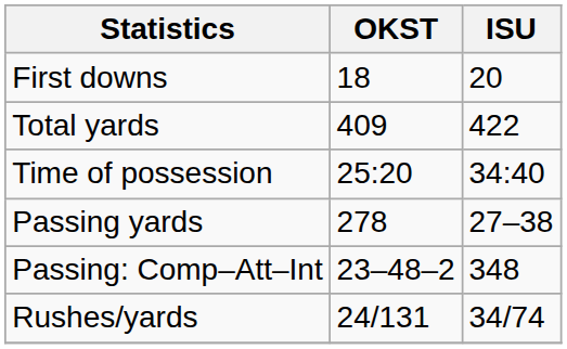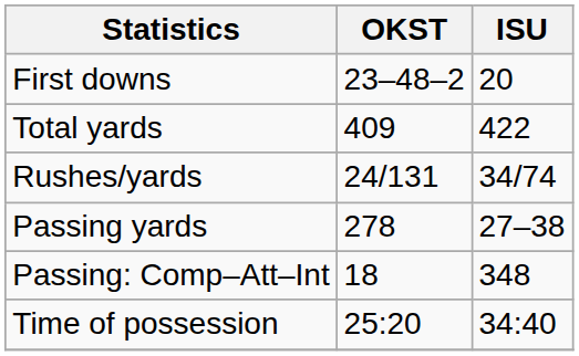 <table class="wikitable" style="float: left;">
 <tr>
 <th>Statistics</th>
 <th>OKST</th>
 <th>ISU</th>
 </tr>
 <tr>
 <td>First downs</td>
-<td>18</td>
+<td>23–48–2</td>
 <td>20</td>
 </tr>
 <tr>
 <td>Total yards</td>
 <td>409</td>
 <td>422</td>
 </tr>
 <tr>
-<td>Time of possession</td>
-<td>25:20</td>
-<td>34:40</td>
+<td>Rushes/yards</td>
+<td>24/131</td>
+<td>34/74</td>
 </tr>
 <tr>
 <td>Passing yards</td>
 <td>278</td>
 <td>27–38</td>
 </tr>
 <tr>
 <td>Passing: Comp–Att–Int</td>
-<td>23–48–2</td>
+<td>18</td>
 <td>348</td>
 </tr>
 <tr>
-<td>Rushes/yards</td>
-<td>24/131</td>
-<td>34/74</td>
+<td>Time of possession</td>
+<td>25:20</td>
+<td>34:40</td>
 </tr>
 <tr>
 </tr>
 </table>
